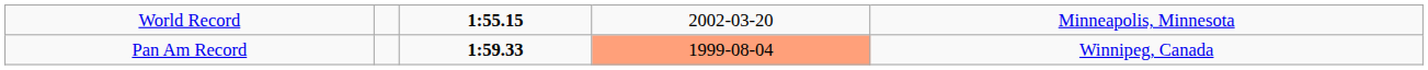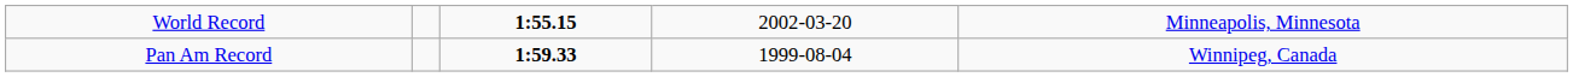 <table class="wikitable" style=" text-align:center; font-size:95%;" width="75%">
 <tr>
 <td><a href='#'>World Record</a></td>
 <td></td>
 <td><strong>1:55.15</strong></td>
 <td>2002-03-20</td>
 <td> <a href='#'>Minneapolis, Minnesota</a></td>
 </tr>
 <tr>
 <td><a href='#'>Pan Am Record</a></td>
 <td></td>
 <td><strong>1:59.33</strong></td>
-<td style="background: lightsalmon;">1999-08-04</td>
+<td>1999-08-04</td>
 <td> <a href='#'>Winnipeg, Canada</a></td>
 </tr>
 </table>
